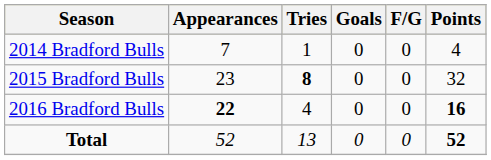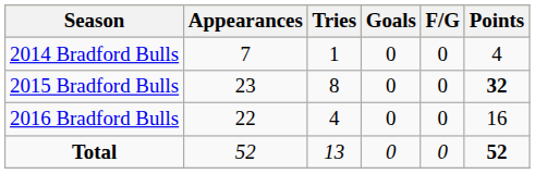 <table class="wikitable" style="text-align:center;">
 <tr bgcolor=#bdb76b>
 <th>Season</th>
 <th>Appearances</th>
 <th>Tries</th>
 <th>Goals</th>
 <th>F/G</th>
 <th>Points</th>
 </tr>
 <tr>
 <td><a href='#'>2014 Bradford Bulls</a></td>
 <td>7</td>
 <td>1</td>
 <td>0</td>
 <td>0</td>
 <td>4</td>
 </tr>
 <tr>
 <td><a href='#'>2015 Bradford Bulls</a></td>
 <td>23</td>
-<td><strong>8</strong></td>
+<td>8</td>
 <td>0</td>
 <td>0</td>
-<td>32</td>
+<td><strong>32</strong></td>
 </tr>
 <tr>
 <td><a href='#'>2016 Bradford Bulls</a></td>
-<td><strong>22</strong></td>
+<td>22</td>
 <td>4</td>
 <td>0</td>
 <td>0</td>
-<td><strong>16</strong></td>
+<td>16</td>
 </tr>
 <tr>
 <td><strong>Total</strong></td>
 <td><em>52</em></td>
 <td><em>13</em></td>
 <td><em>0</em></td>
 <td><em>0</em></td>
 <td><strong>52</strong></td>
 </tr>
 <tr>
 </tr>
 </table>
